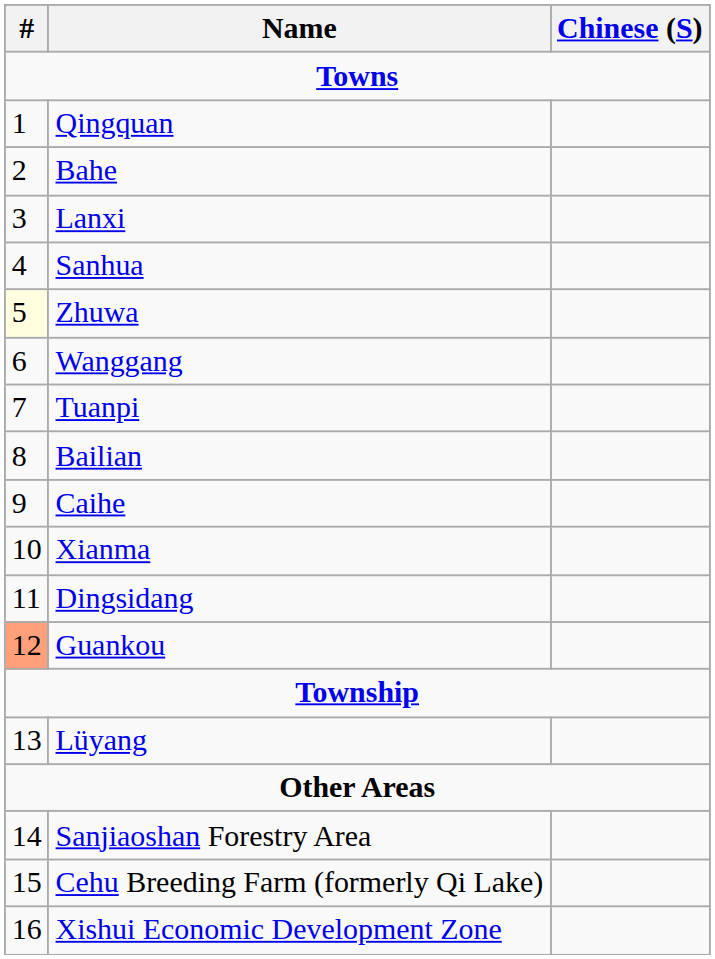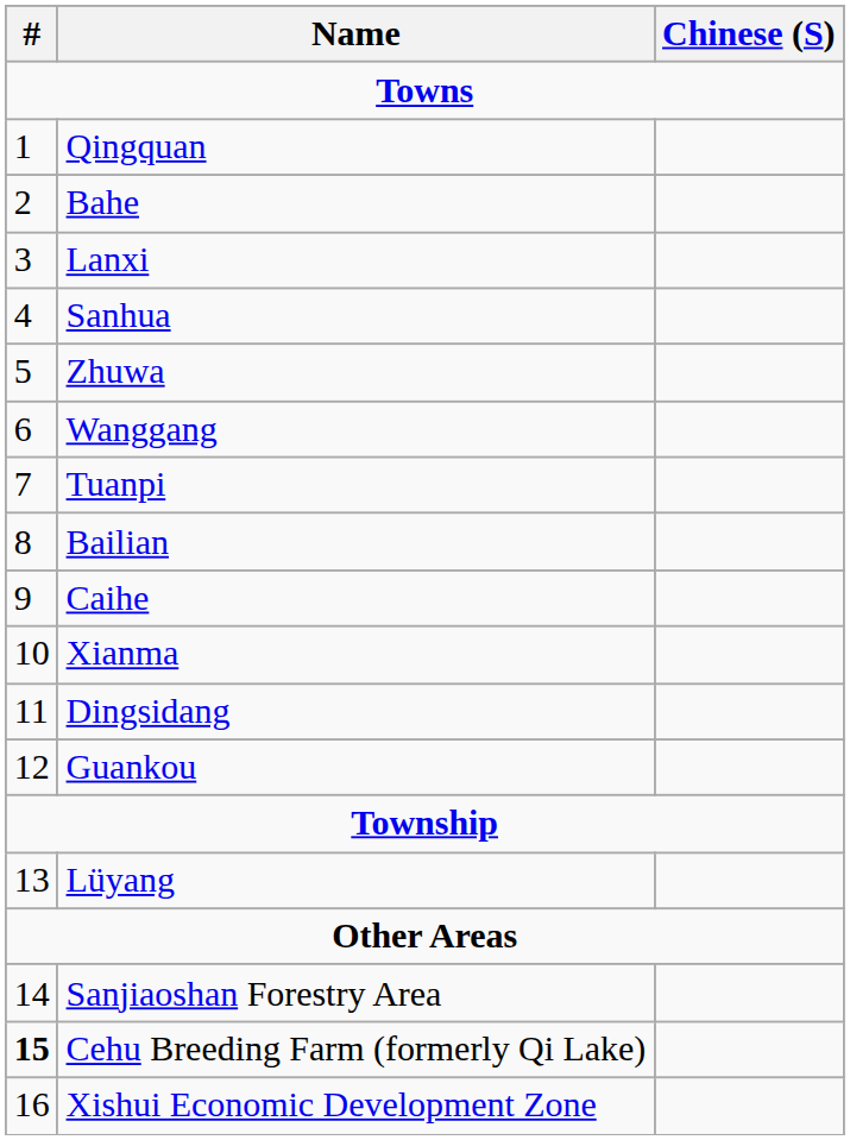 <table class="wikitable sortable">
 <tr>
 <th>#</th>
 <th>Name</th>
 <th><a href='#'>Chinese</a> (<a href='#'>S</a>)</th>
 </tr>
 <tr>
 <td style="text-align:center;" colspan="7"><strong><a href='#'>Towns</a></strong></td>
 </tr>
 <tr>
 <td>1</td>
 <td><a href='#'>Qingquan</a></td>
 <td></td>
 </tr>
 <tr>
 <td>2</td>
 <td><a href='#'>Bahe</a></td>
 <td></td>
 </tr>
 <tr>
 <td>3</td>
 <td><a href='#'>Lanxi</a></td>
 <td></td>
 </tr>
 <tr>
 <td>4</td>
 <td><a href='#'>Sanhua</a></td>
 <td></td>
 </tr>
 <tr>
-<td style="background: lightyellow;">5</td>
+<td>5</td>
 <td><a href='#'>Zhuwa</a></td>
 <td></td>
 </tr>
 <tr>
 <td>6</td>
 <td><a href='#'>Wanggang</a></td>
 <td></td>
 </tr>
 <tr>
 <td>7</td>
 <td><a href='#'>Tuanpi</a></td>
 <td></td>
 </tr>
 <tr>
 <td>8</td>
 <td><a href='#'>Bailian</a></td>
 <td></td>
 </tr>
 <tr>
 <td>9</td>
 <td><a href='#'>Caihe</a></td>
 <td></td>
 </tr>
 <tr>
 <td>10</td>
 <td><a href='#'>Xianma</a></td>
 <td></td>
 </tr>
 <tr>
 <td>11</td>
 <td><a href='#'>Dingsidang</a></td>
 <td></td>
 </tr>
 <tr>
-<td style="background: lightsalmon;">12</td>
+<td>12</td>
 <td><a href='#'>Guankou</a></td>
 <td></td>
 </tr>
 <tr>
 <td style="text-align:center;" colspan="7"><strong><a href='#'>Township</a></strong></td>
 </tr>
 <tr>
 <td>13</td>
 <td><a href='#'>Lüyang</a></td>
 <td></td>
 </tr>
 <tr>
 <td style="text-align:center;" colspan="7"><strong>Other Areas</strong></td>
 </tr>
 <tr>
 <td>14</td>
 <td><a href='#'>Sanjiaoshan</a> Forestry Area</td>
 <td></td>
 </tr>
 <tr>
-<td>15</td>
+<td><strong>15</strong></td>
 <td><a href='#'>Cehu</a> Breeding Farm (formerly Qi Lake)</td>
 <td></td>
 </tr>
 <tr>
 <td>16</td>
 <td><a href='#'>Xishui Economic Development Zone</a></td>
 <td></td>
 </tr>
 </table>
